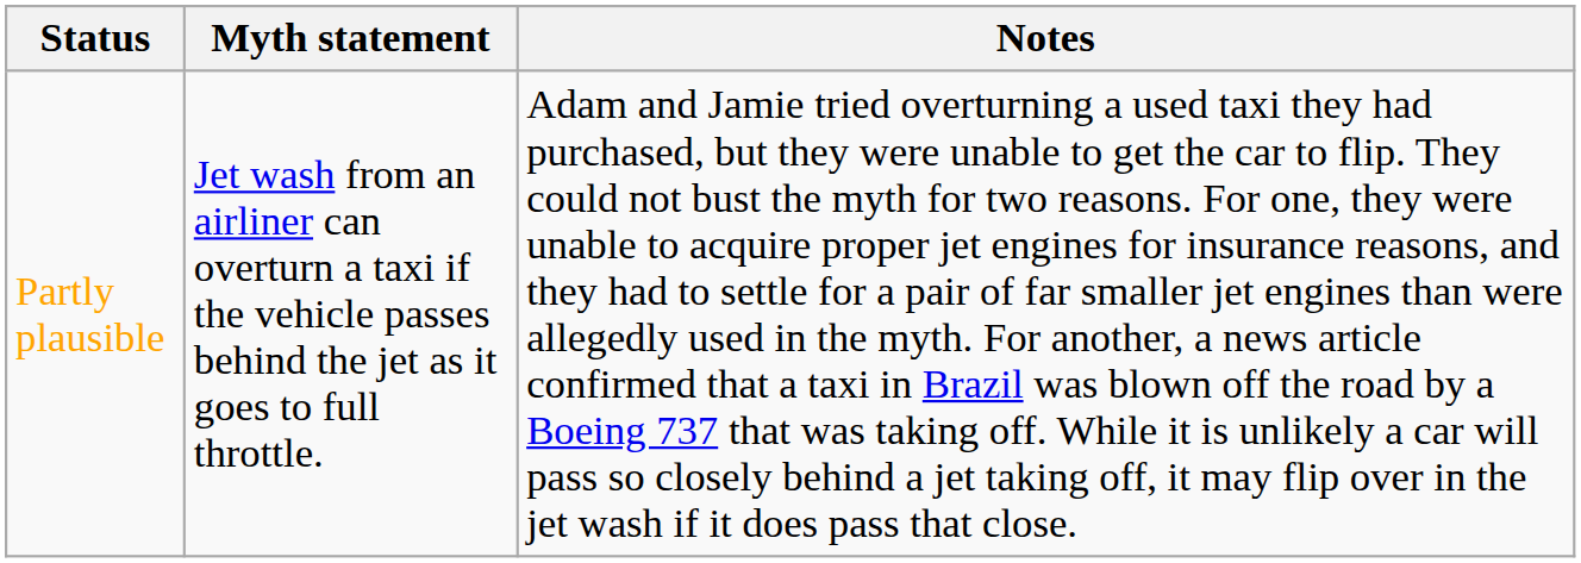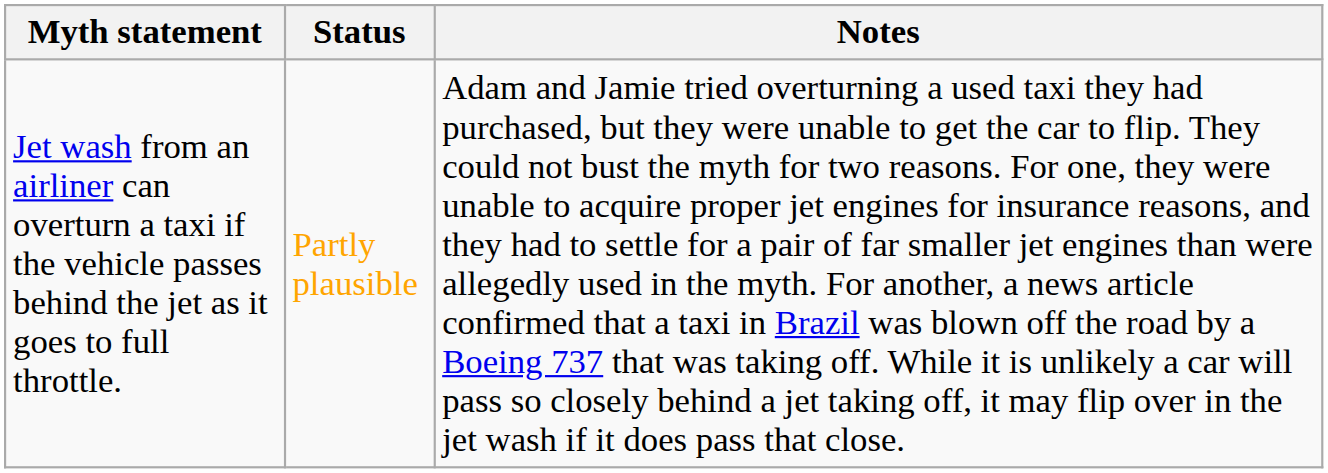 <table class="wikitable plainrowheaders">
 <tr>
+<th>Myth statement</th>
 <th>Status</th>
-<th>Myth statement</th>
 <th>Notes</th>
 </tr>
 <tr>
+<td><a href='#'>Jet wash</a> from an <a href='#'>airliner</a> can overturn a taxi if the vehicle passes behind the jet as it goes to full throttle.</td>
 <td style="color:orange">Partly plausible</td>
-<td><a href='#'>Jet wash</a> from an <a href='#'>airliner</a> can overturn a taxi if the vehicle passes behind the jet as it goes to full throttle.</td>
 <td>Adam and Jamie tried overturning a used taxi they had purchased, but they were unable to get the car to flip. They could not bust the myth for two reasons. For one, they were unable to acquire proper jet engines for insurance reasons, and they had to settle for a pair of far smaller jet engines than were allegedly used in the myth. For another, a news article confirmed that a taxi in <a href='#'>Brazil</a> was blown off the road by a <a href='#'>Boeing 737</a> that was taking off. While it is unlikely a car will pass so closely behind a jet taking off, it may flip over in the jet wash if it does pass that close.</td>
 </tr>
 </table>
